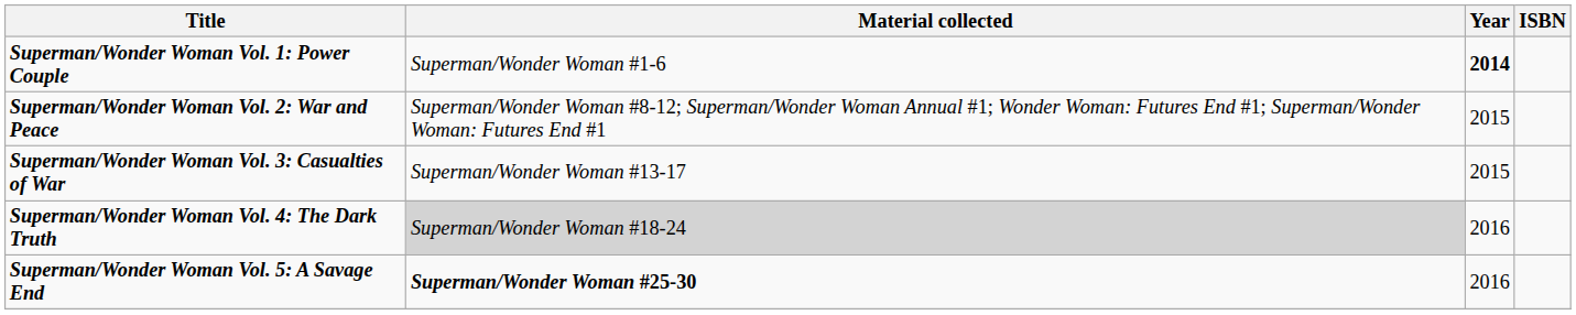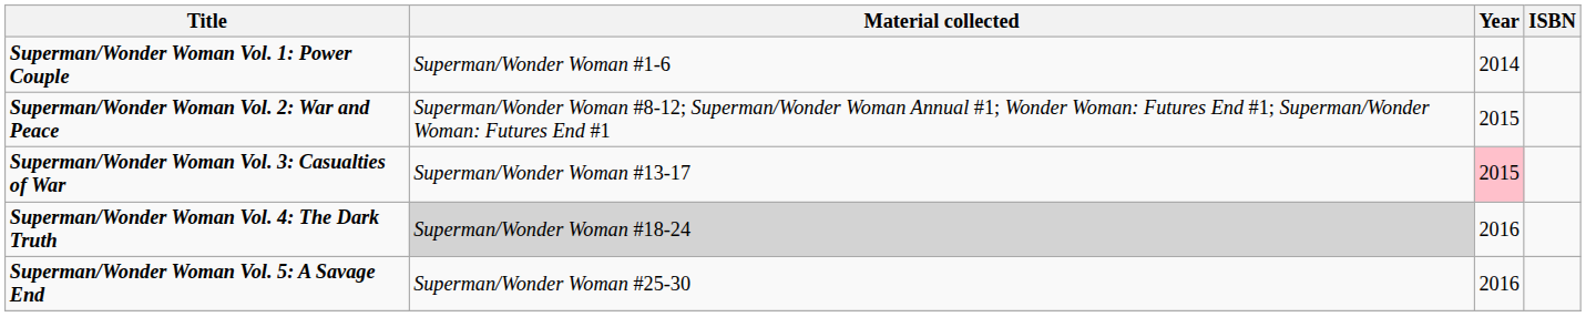 <table class="wikitable sortable">
 <tr>
 <th>Title</th>
 <th>Material collected</th>
 <th>Year</th>
 <th>ISBN</th>
 </tr>
 <tr>
 <td><strong><em>Superman/Wonder Woman Vol. 1: Power Couple</em></strong></td>
 <td><em>Superman/Wonder Woman</em> #1-6</td>
-<td><strong>2014</strong></td>
+<td>2014</td>
 <td></td>
 </tr>
 <tr>
 <td><strong><em>Superman/Wonder Woman Vol. 2: War and Peace</em></strong></td>
 <td><em>Superman/Wonder Woman</em> #8-12; <em>Superman/Wonder Woman Annual</em> #1; <em>Wonder Woman: Futures End</em> #1; <em>Superman/Wonder Woman: Futures End</em> #1</td>
 <td>2015</td>
 <td></td>
 </tr>
 <tr>
 <td><strong><em>Superman/Wonder Woman Vol. 3: Casualties of War</em></strong></td>
 <td><em>Superman/Wonder Woman</em> #13-17</td>
-<td>2015</td>
+<td style="background: pink;">2015</td>
 <td></td>
 </tr>
 <tr>
 <td><strong><em>Superman/Wonder Woman Vol. 4: The Dark Truth</em></strong></td>
 <td style="background: lightgrey;"><em>Superman/Wonder Woman</em> #18-24</td>
 <td>2016</td>
 <td></td>
 </tr>
 <tr>
 <td><strong><em>Superman/Wonder Woman Vol. 5: A Savage End</em></strong></td>
-<td><strong><em>Superman/Wonder Woman</em> #25-30</strong></td>
+<td><em>Superman/Wonder Woman</em> #25-30</td>
 <td>2016</td>
 <td></td>
 </tr>
 <tr>
 </tr>
 </table>
